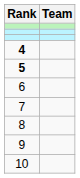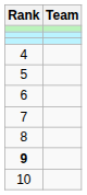 <table class="wikitable">
 <tr>
 <th>Rank</th>
 <th>Team</th>
 </tr>
 <tr bgcolor=bbf3bb>
 <td align=center></td>
 <td></td>
 </tr>
 <tr bgcolor=bbf3ff>
 <td align=center></td>
 <td></td>
 </tr>
 <tr bgcolor=bbf3ff>
 <td align=center></td>
 <td></td>
 </tr>
 <tr>
-<td align=center><strong>4</strong></td>
+<td align=center>4</td>
 <td></td>
 </tr>
 <tr>
-<td align=center><strong>5</strong></td>
+<td align=center>5</td>
 <td></td>
 </tr>
 <tr>
 <td align=center>6</td>
 <td></td>
 </tr>
 <tr>
 <td align=center>7</td>
 <td></td>
 </tr>
 <tr>
 <td align=center>8</td>
 <td></td>
 </tr>
 <tr>
-<td align=center>9</td>
+<td align=center><strong>9</strong></td>
 <td></td>
 </tr>
 <tr>
 <td align=center>10</td>
 <td></td>
 </tr>
 </table>
